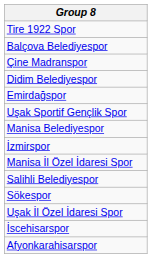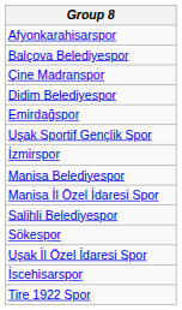 <table class="wikitable collapsible collapsed" style="font-size:95%;">
 <tr>
 <th colspan="1" width="200"><em>Group 8</em></th>
 </tr>
 <tr>
-<td><a href='#'>Tire 1922 Spor</a></td>
+<td><a href='#'>Afyonkarahisarspor</a></td>
 </tr>
 <tr>
 <td><a href='#'>Balçova Belediyespor</a></td>
 </tr>
 <tr>
 <td><a href='#'>Çine Madranspor</a></td>
 </tr>
 <tr>
 <td><a href='#'>Didim Belediyespor</a></td>
 </tr>
 <tr>
 <td><a href='#'>Emirdağspor</a></td>
 </tr>
 <tr>
 <td><a href='#'>Uşak Sportif Gençlik Spor</a></td>
 </tr>
 <tr>
-<td><a href='#'>Manisa Belediyespor</a></td>
+<td><a href='#'>İzmirspor</a></td>
 </tr>
 <tr>
-<td><a href='#'>İzmirspor</a></td>
+<td><a href='#'>Manisa Belediyespor</a></td>
 </tr>
 <tr>
 <td><a href='#'>Manisa İl Özel İdaresi Spor</a></td>
 </tr>
 <tr>
 <td><a href='#'>Salihli Belediyespor</a></td>
 </tr>
 <tr>
 <td><a href='#'>Sökespor</a></td>
 </tr>
 <tr>
 <td><a href='#'>Uşak İl Özel İdaresi Spor</a></td>
 </tr>
 <tr>
 <td><a href='#'>İscehisarspor</a></td>
 </tr>
 <tr>
-<td><a href='#'>Afyonkarahisarspor</a></td>
+<td><a href='#'>Tire 1922 Spor</a></td>
 </tr>
 </table>
